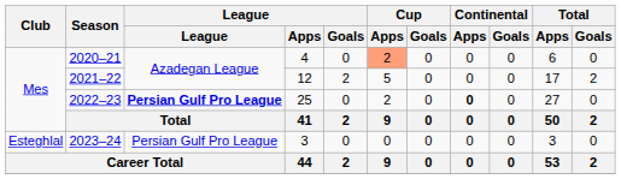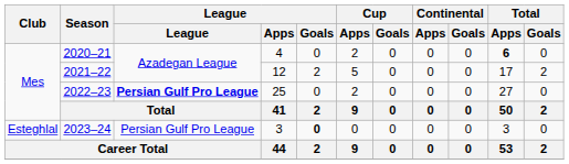 <table class="wikitable"style="text-align:center;">
 <tr>
 <th rowspan=2>Club</th>
 <th rowspan=2>Season</th>
 <th colspan=3>League</th>
 <th colspan=2>Cup</th>
 <th colspan=2>Continental</th>
 <th Colspan="2">Total</th>
 </tr>
 <tr>
 <th>League</th>
 <th>Apps</th>
 <th>Goals</th>
 <th>Apps</th>
 <th>Goals</th>
 <th>Apps</th>
 <th>Goals</th>
 <th>Apps</th>
 <th>Goals</th>
 </tr>
 <tr>
 <td rowspan="4"><a href='#'>Mes</a></td>
 <td><a href='#'>2020–21</a></td>
 <td rowspan="2"><a href='#'>Azadegan League</a></td>
 <td>4</td>
 <td>0</td>
-<td style="background: lightsalmon;">2</td>
+<td>2</td>
 <td>0</td>
 <td>0</td>
 <td>0</td>
-<td>6</td>
+<td><strong>6</strong></td>
 <td>0</td>
 </tr>
 <tr>
 <td><a href='#'>2021–22</a></td>
 <td>12</td>
 <td>2</td>
 <td>5</td>
 <td>0</td>
 <td>0</td>
 <td>0</td>
 <td>17</td>
 <td>2</td>
 </tr>
 <tr>
 <td><a href='#'>2022–23</a></td>
 <td><strong><a href='#'>Persian Gulf Pro League</a></strong></td>
 <td>25</td>
 <td>0</td>
 <td>2</td>
 <td>0</td>
-<td><strong>0</strong></td>
+<td>0</td>
 <td>0</td>
 <td>27</td>
 <td>0</td>
 </tr>
 <tr>
 <th colspan=2>Total</th>
 <th>41</th>
 <th>2</th>
 <th>9</th>
 <th>0</th>
 <th>0</th>
 <th>0</th>
 <th>50</th>
 <th>2</th>
 </tr>
 <tr>
 <td><a href='#'>Esteghlal</a></td>
 <td><a href='#'>2023–24</a></td>
 <td><a href='#'>Persian Gulf Pro League</a></td>
 <td>3</td>
-<td>0</td>
+<td><strong>0</strong></td>
 <td>0</td>
 <td>0</td>
 <td>0</td>
 <td>0</td>
 <td>3</td>
 <td>0</td>
 </tr>
 <tr>
 <th colspan=3>Career Total</th>
 <th>44</th>
 <th>2</th>
 <th>9</th>
 <th>0</th>
 <th>0</th>
 <th>0</th>
 <th>53</th>
 <th>2</th>
 </tr>
 <tr>
 </tr>
 </table>
